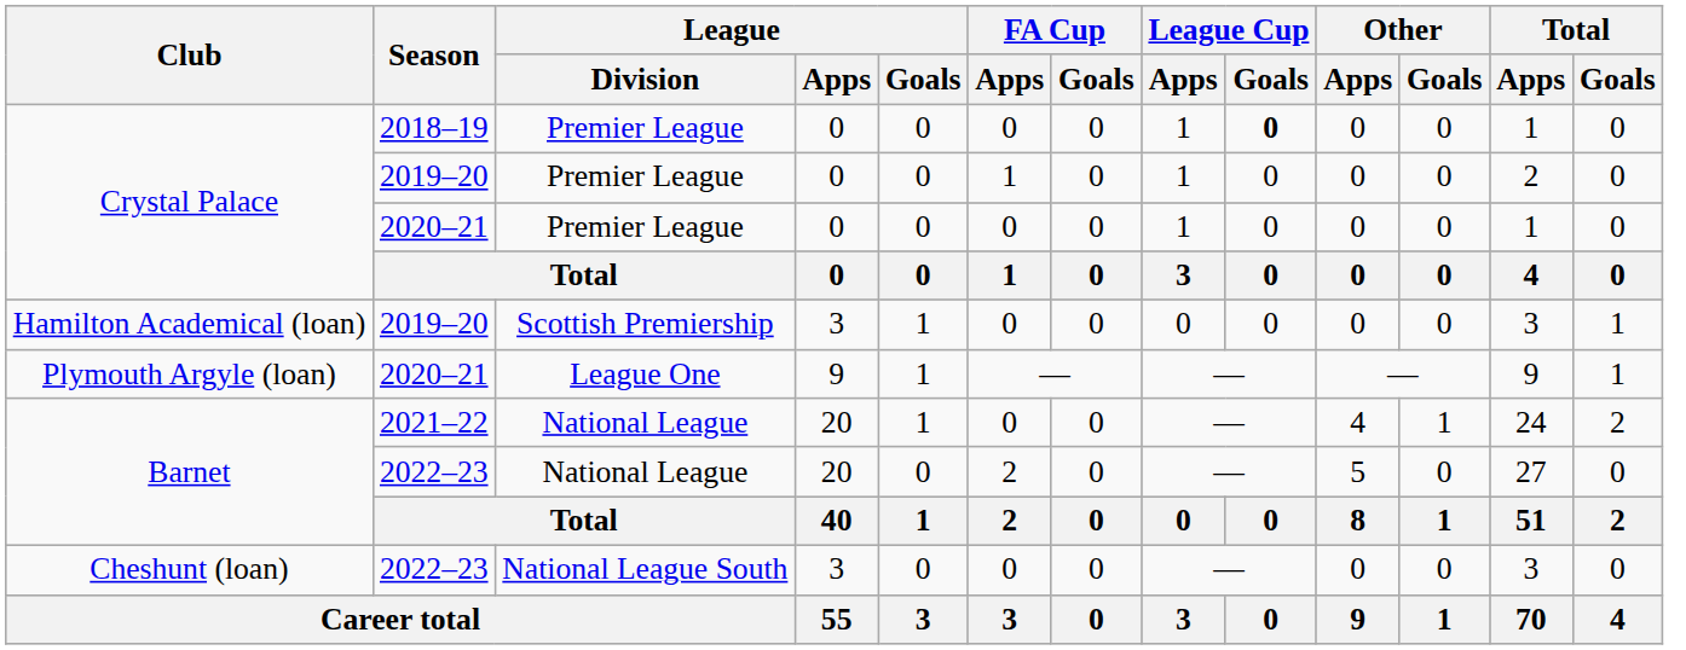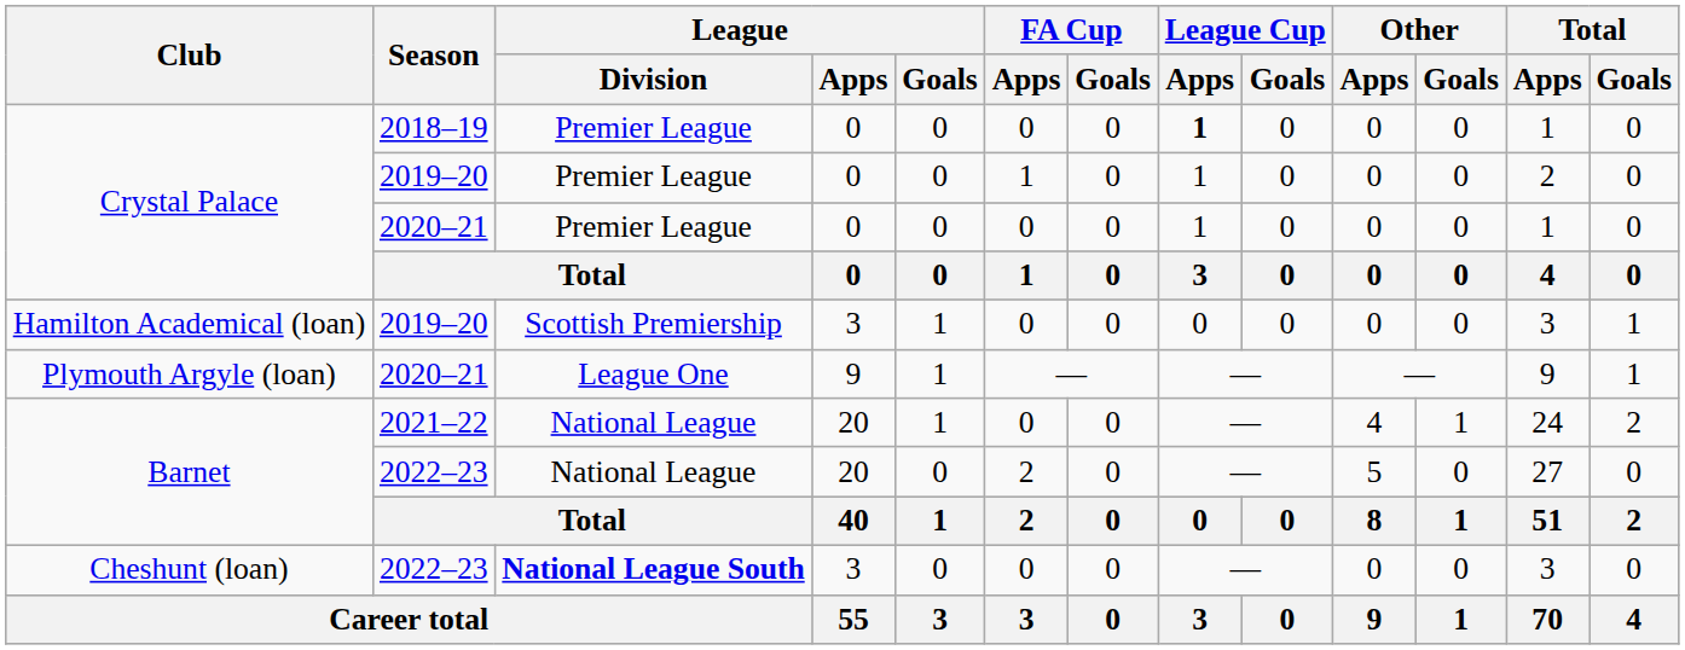 <table class="wikitable" style="text-align: center;">
 <tr>
 <th rowspan=2>Club</th>
 <th rowspan=2>Season</th>
 <th colspan=3>League</th>
 <th colspan=2><a href='#'>FA Cup</a></th>
 <th colspan=2><a href='#'>League Cup</a></th>
 <th colspan=2>Other</th>
 <th colspan=2>Total</th>
 </tr>
 <tr>
 <th>Division</th>
 <th>Apps</th>
 <th>Goals</th>
 <th>Apps</th>
 <th>Goals</th>
 <th>Apps</th>
 <th>Goals</th>
 <th>Apps</th>
 <th>Goals</th>
 <th>Apps</th>
 <th>Goals</th>
 </tr>
 <tr>
 <td rowspan="4"><a href='#'>Crystal Palace</a></td>
 <td><a href='#'>2018–19</a></td>
 <td><a href='#'>Premier League</a></td>
 <td>0</td>
 <td>0</td>
 <td>0</td>
 <td>0</td>
-<td>1</td>
-<td><strong>0</strong></td>
+<td><strong>1</strong></td>
+<td>0</td>
 <td>0</td>
 <td>0</td>
 <td>1</td>
 <td>0</td>
 </tr>
 <tr>
 <td><a href='#'>2019–20</a></td>
 <td>Premier League</td>
 <td>0</td>
 <td>0</td>
 <td>1</td>
 <td>0</td>
 <td>1</td>
 <td>0</td>
 <td>0</td>
 <td>0</td>
 <td>2</td>
 <td>0</td>
 </tr>
 <tr>
 <td><a href='#'>2020–21</a></td>
 <td>Premier League</td>
 <td>0</td>
 <td>0</td>
 <td>0</td>
 <td>0</td>
 <td>1</td>
 <td>0</td>
 <td>0</td>
 <td>0</td>
 <td>1</td>
 <td>0</td>
 </tr>
 <tr>
 <th colspan=2>Total</th>
 <th>0</th>
 <th>0</th>
 <th>1</th>
 <th>0</th>
 <th>3</th>
 <th>0</th>
 <th>0</th>
 <th>0</th>
 <th>4</th>
 <th>0</th>
 </tr>
 <tr>
 <td><a href='#'>Hamilton Academical</a> (loan)</td>
 <td><a href='#'>2019–20</a></td>
 <td><a href='#'>Scottish Premiership</a></td>
 <td>3</td>
 <td>1</td>
 <td>0</td>
 <td>0</td>
 <td>0</td>
 <td>0</td>
 <td>0</td>
 <td>0</td>
 <td>3</td>
 <td>1</td>
 </tr>
 <tr>
 <td><a href='#'>Plymouth Argyle</a> (loan)</td>
 <td><a href='#'>2020–21</a></td>
 <td><a href='#'>League One</a></td>
 <td>9</td>
 <td>1</td>
 <td colspan="2">—</td>
 <td colspan="2">—</td>
 <td colspan="2">—</td>
 <td>9</td>
 <td>1</td>
 </tr>
 <tr>
 <td rowspan="3"><a href='#'>Barnet</a></td>
 <td><a href='#'>2021–22</a></td>
 <td><a href='#'>National League</a></td>
 <td>20</td>
 <td>1</td>
 <td>0</td>
 <td>0</td>
 <td colspan="2">—</td>
 <td>4</td>
 <td>1</td>
 <td>24</td>
 <td>2</td>
 </tr>
 <tr>
 <td><a href='#'>2022–23</a></td>
 <td>National League</td>
 <td>20</td>
 <td>0</td>
 <td>2</td>
 <td>0</td>
 <td colspan="2">—</td>
 <td>5</td>
 <td>0</td>
 <td>27</td>
 <td>0</td>
 </tr>
 <tr>
 <th colspan="2">Total</th>
 <th>40</th>
 <th>1</th>
 <th>2</th>
 <th>0</th>
 <th>0</th>
 <th>0</th>
 <th>8</th>
 <th>1</th>
 <th>51</th>
 <th>2</th>
 </tr>
 <tr>
 <td><a href='#'>Cheshunt</a> (loan)</td>
 <td><a href='#'>2022–23</a></td>
-<td><a href='#'>National League South</a></td>
+<td><strong><a href='#'>National League South</a></strong></td>
 <td>3</td>
 <td>0</td>
 <td>0</td>
 <td>0</td>
 <td colspan="2">—</td>
 <td>0</td>
 <td>0</td>
 <td>3</td>
 <td>0</td>
 </tr>
 <tr>
 <th colspan=3>Career total</th>
 <th>55</th>
 <th>3</th>
 <th>3</th>
 <th>0</th>
 <th>3</th>
 <th>0</th>
 <th>9</th>
 <th>1</th>
 <th>70</th>
 <th>4</th>
 </tr>
 </table>
